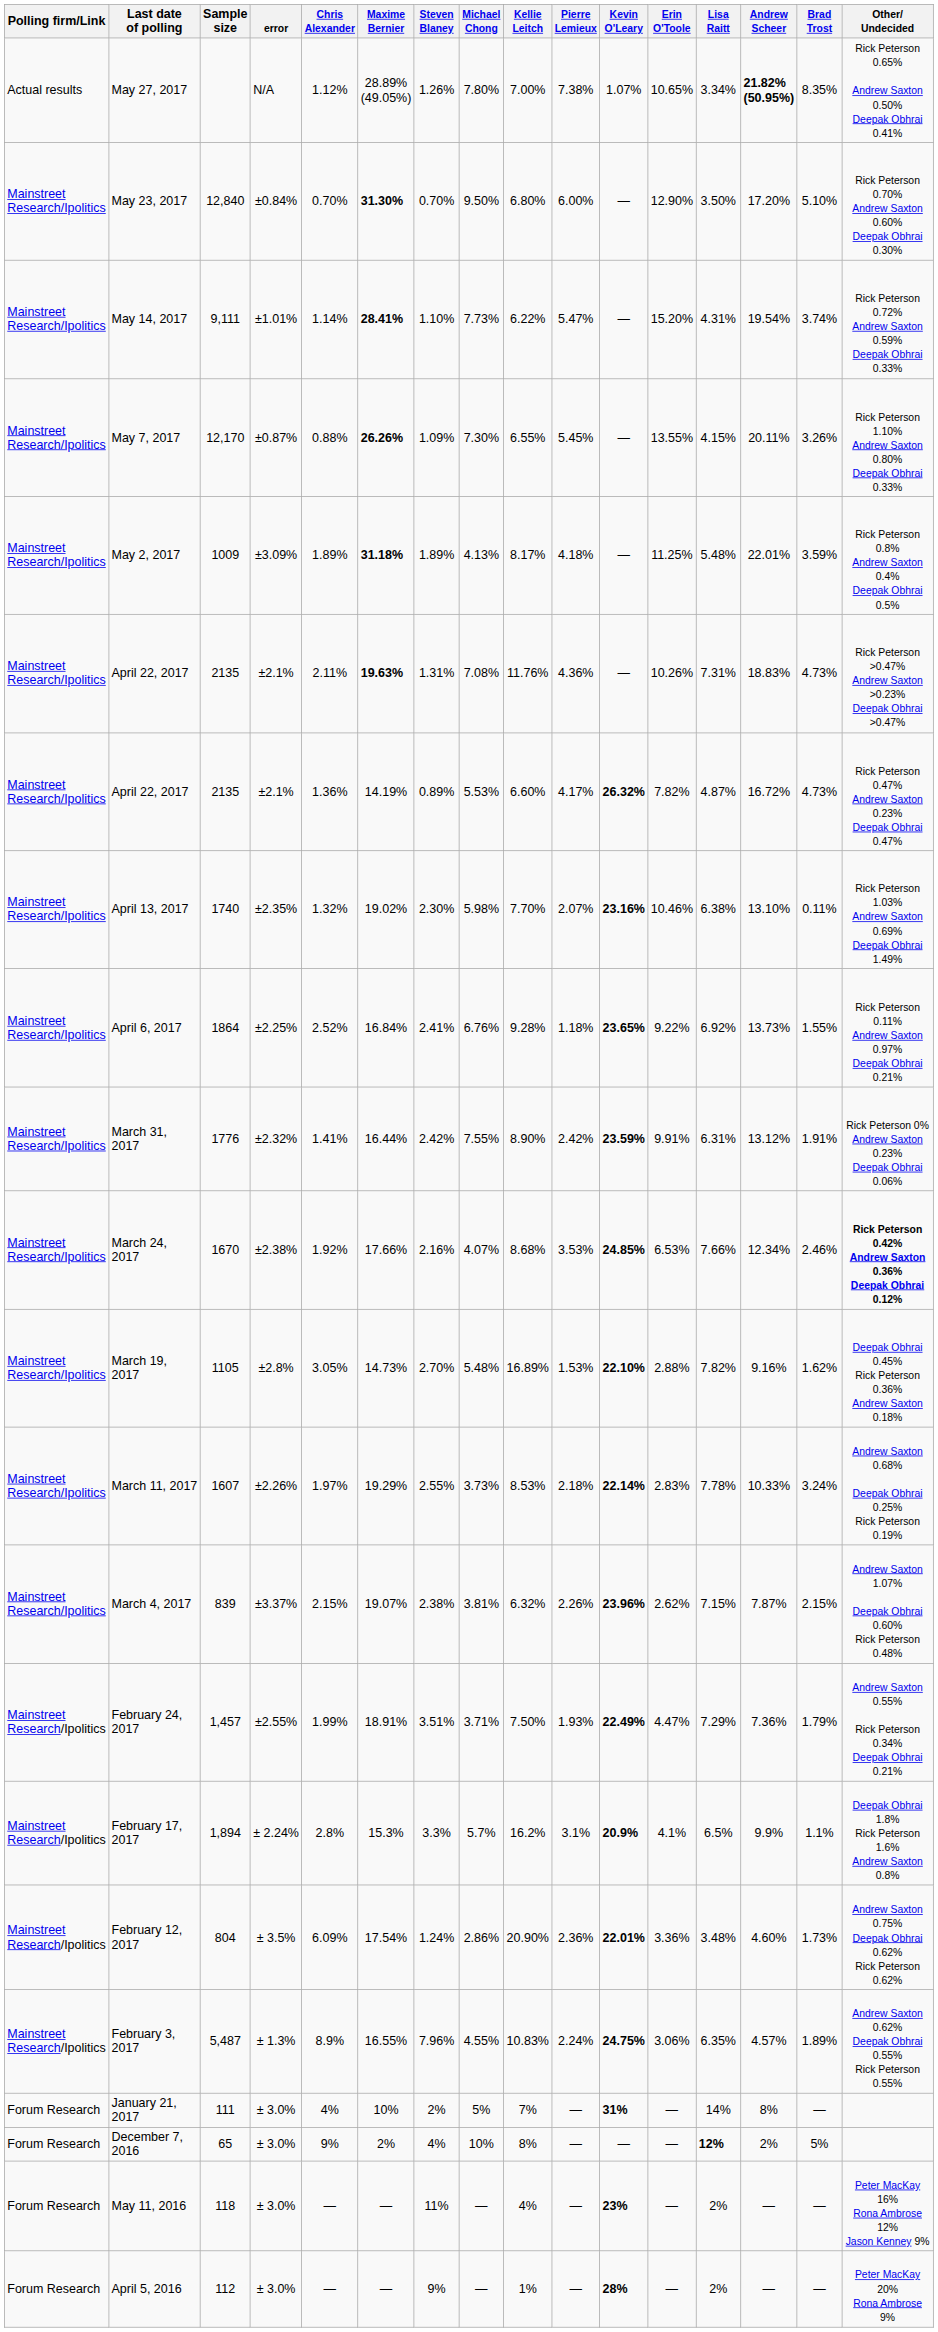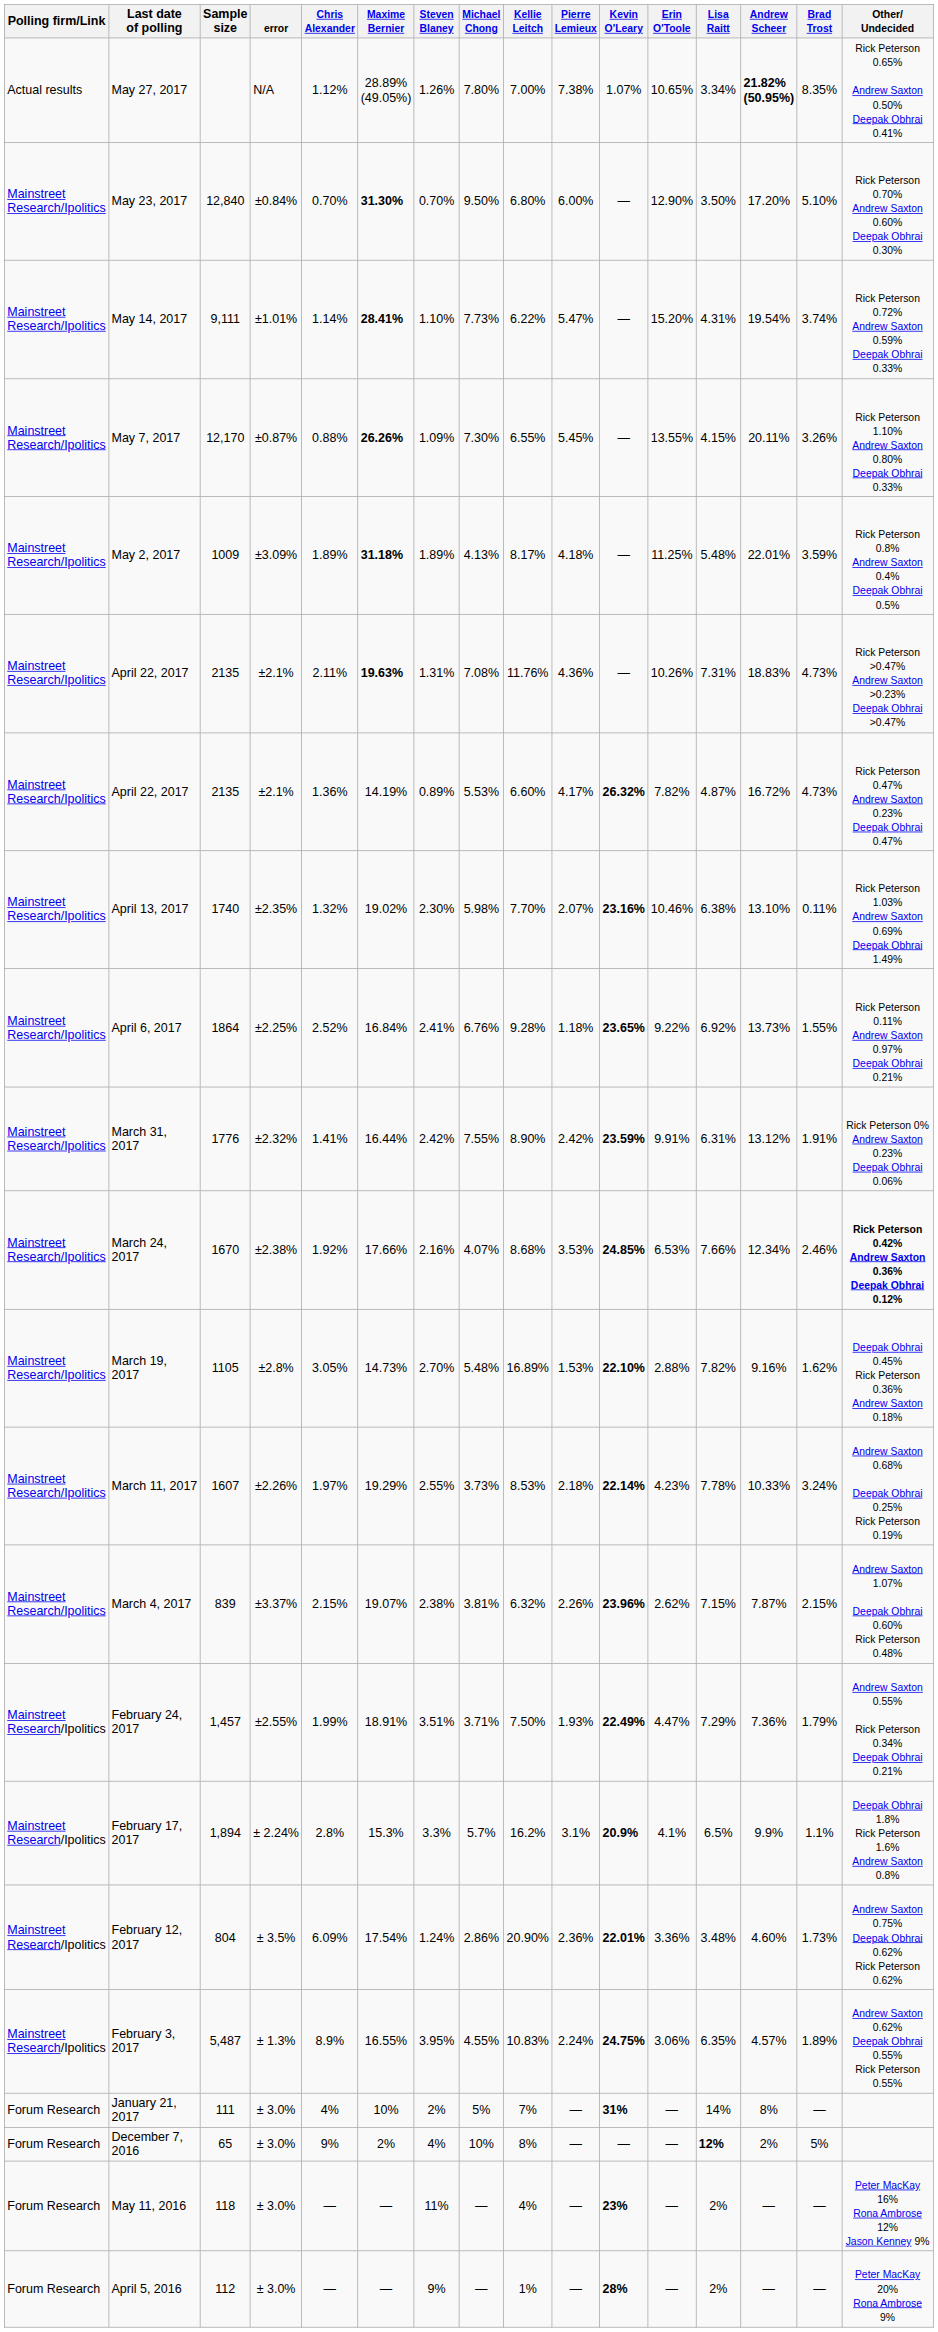 <table class="wikitable sortable">
 <tr>
 <th style="width:120px">Polling firm/Link</th>
 <th style="width:110px">Last date<br>of polling</th>
 <th class=small>Sample<br>size</th>
 <th><small><br>error</small></th>
 <th style="width:50px;"><small><a href='#'>Chris<br>Alexander</a></small></th>
 <th style="width:50px;"><small><a href='#'>Maxime<br>Bernier</a></small></th>
 <th style="width:50px;"><small><a href='#'>Steven<br>Blaney</a></small></th>
 <th style="width:50px;"><small><a href='#'>Michael<br>Chong</a></small></th>
 <th style="width:50px;"><small><a href='#'>Kellie<br>Leitch</a></small></th>
 <th style="width:50px;"><small><a href='#'>Pierre<br>Lemieux</a></small></th>
 <th style="width:50px;"><small><a href='#'>Kevin<br>O'Leary</a></small></th>
 <th style="width:50px;"><small><a href='#'>Erin<br>O'Toole</a></small></th>
 <th style="width:50px;"><small><a href='#'>Lisa<br>Raitt</a></small></th>
 <th style="width:50px;"><small><a href='#'>Andrew<br>Scheer</a></small></th>
 <th style="width:50px;"><small><a href='#'>Brad<br>Trost</a></small></th>
 <th style="width:110px;"><small>Other/<br>Undecided</small></th>
 </tr>
 <tr>
 <td>Actual results</td>
 <td>May 27, 2017</td>
 <td></td>
 <td>N/A</td>
 <td align=center>1.12%</td>
 <td align=center>28.89% (49.05%)</td>
 <td align=center>1.26%</td>
 <td align=center>7.80%</td>
 <td align=center>7.00%</td>
 <td align=center>7.38%</td>
 <td align=center>1.07%</td>
 <td align=center>10.65%</td>
 <td align=center>3.34%</td>
 <td><strong>21.82% (50.95%)</strong></td>
 <td align=center>8.35%</td>
 <td align=center><small>Rick Peterson 0.65%</small><br><br><small><a href='#'>Andrew Saxton</a> 0.50%</small><br> <small><a href='#'>Deepak Obhrai</a> 0.41%</small><br></td>
 </tr>
 <tr>
 <td><a href='#'>Mainstreet Research/Ipolitics</a></td>
 <td>May 23, 2017</td>
 <td align=center>12,840</td>
 <td align=center>±0.84%</td>
 <td align=center>0.70%</td>
 <td><strong>31.30%</strong></td>
 <td align=center>0.70%</td>
 <td align=center>9.50%</td>
 <td align=center>6.80%</td>
 <td align=center>6.00%</td>
 <td align=center>—</td>
 <td align=center>12.90%</td>
 <td align=center>3.50%</td>
 <td align=center>17.20%</td>
 <td align=center>5.10%</td>
 <td align=center><small><span></span></small><br><br><small>Rick Peterson 0.70%</small><br> <small><a href='#'>Andrew Saxton</a> 0.60%</small><br> <small><a href='#'>Deepak Obhrai</a> 0.30%</small><br></td>
 </tr>
 <tr>
 <td><a href='#'>Mainstreet Research/Ipolitics</a></td>
 <td>May 14, 2017</td>
 <td align=center>9,111</td>
 <td align=center>±1.01%</td>
 <td align=center>1.14%</td>
 <td><strong>28.41%</strong></td>
 <td align=center>1.10%</td>
 <td align=center>7.73%</td>
 <td align=center>6.22%</td>
 <td align=center>5.47%</td>
 <td align=center>—</td>
 <td align=center>15.20%</td>
 <td align=center>4.31%</td>
 <td align=center>19.54%</td>
 <td align=center>3.74%</td>
 <td align=center><small><span></span></small><br><br><small>Rick Peterson 0.72%</small><br> <small><a href='#'>Andrew Saxton</a> 0.59%</small><br> <small><a href='#'>Deepak Obhrai</a> 0.33%</small><br></td>
 </tr>
 <tr>
 <td><a href='#'>Mainstreet Research/Ipolitics</a></td>
 <td>May 7, 2017</td>
 <td align=center>12,170</td>
 <td align=center>±0.87%</td>
 <td align=center>0.88%</td>
 <td><strong>26.26%</strong></td>
 <td align=center>1.09%</td>
 <td align=center>7.30%</td>
 <td align=center>6.55%</td>
 <td align=center>5.45%</td>
 <td align=center>—</td>
 <td align=center>13.55%</td>
 <td align=center>4.15%</td>
 <td align=center>20.11%</td>
 <td align=center>3.26%</td>
 <td align=center><small><span></span></small><br><br><small>Rick Peterson 1.10%</small><br> <small><a href='#'>Andrew Saxton</a> 0.80%</small><br> <small><a href='#'>Deepak Obhrai</a> 0.33%</small><br></td>
 </tr>
 <tr>
 <td><a href='#'>Mainstreet Research/Ipolitics</a></td>
 <td>May 2, 2017</td>
 <td align=center>1009</td>
 <td align=center>±3.09%</td>
 <td align=center>1.89%</td>
 <td><strong>31.18%</strong></td>
 <td align=center>1.89%</td>
 <td align=center>4.13%</td>
 <td align=center>8.17%</td>
 <td align=center>4.18%</td>
 <td align=center>—</td>
 <td align=center>11.25%</td>
 <td align=center>5.48%</td>
 <td align=center>22.01%</td>
 <td align=center>3.59%</td>
 <td align=center><small><span></span></small><br><br><small>Rick Peterson 0.8%</small><br> <small><a href='#'>Andrew Saxton</a> 0.4%</small><br> <small><a href='#'>Deepak Obhrai</a> 0.5%</small><br></td>
 </tr>
 <tr>
 <td><a href='#'>Mainstreet Research/Ipolitics</a></td>
 <td>April 22, 2017</td>
 <td align=center>2135</td>
 <td align=center>±2.1%</td>
 <td align=center>2.11%</td>
 <td><strong>19.63%</strong></td>
 <td align=center>1.31%</td>
 <td align=center>7.08%</td>
 <td align=center>11.76%</td>
 <td align=center>4.36%</td>
 <td align=center>—</td>
 <td align=center>10.26%</td>
 <td align=center>7.31%</td>
 <td align=center>18.83%</td>
 <td align=center>4.73%</td>
 <td align=center><small><span></span></small><br><br><small>Rick Peterson >0.47%</small><br> <small><a href='#'>Andrew Saxton</a> >0.23%</small><br> <small><a href='#'>Deepak Obhrai</a> >0.47%</small><br></td>
 </tr>
 <tr>
 <td><a href='#'>Mainstreet Research/Ipolitics</a></td>
 <td>April 22, 2017</td>
 <td align=center>2135</td>
 <td align=center>±2.1%</td>
 <td align=center>1.36%</td>
 <td align=center>14.19%</td>
 <td align=center>0.89%</td>
 <td align=center>5.53%</td>
 <td align=center>6.60%</td>
 <td align=center>4.17%</td>
 <td><strong>26.32%</strong></td>
 <td align=center>7.82%</td>
 <td align=center>4.87%</td>
 <td align=center>16.72%</td>
 <td align=center>4.73%</td>
 <td align=center><small><span></span></small><br><br><small>Rick Peterson 0.47%</small><br> <small><a href='#'>Andrew Saxton</a> 0.23%</small><br> <small><a href='#'>Deepak Obhrai</a> 0.47%</small><br></td>
 </tr>
 <tr>
 <td><a href='#'>Mainstreet Research/Ipolitics</a></td>
 <td>April 13, 2017</td>
 <td align=center>1740</td>
 <td align=center>±2.35%</td>
 <td align=center>1.32%</td>
 <td align=center>19.02%</td>
 <td align=center>2.30%</td>
 <td align=center>5.98%</td>
 <td align=center>7.70%</td>
 <td align=center>2.07%</td>
 <td><strong>23.16%</strong></td>
 <td align=center>10.46%</td>
 <td align=center>6.38%</td>
 <td align=center>13.10%</td>
 <td align=center>0.11%</td>
 <td align=center><small><span></span></small><br><br><small>Rick Peterson 1.03%</small><br> <small><a href='#'>Andrew Saxton</a> 0.69%</small><br> <small><a href='#'>Deepak Obhrai</a> 1.49%</small><br></td>
 </tr>
 <tr>
 <td><a href='#'>Mainstreet Research/Ipolitics</a></td>
 <td>April 6, 2017</td>
 <td align=center>1864</td>
 <td align=center>±2.25%</td>
 <td align=center>2.52%</td>
 <td align=center>16.84%</td>
 <td align=center>2.41%</td>
 <td align=center>6.76%</td>
 <td align=center>9.28%</td>
 <td align=center>1.18%</td>
 <td><strong>23.65%</strong></td>
 <td align=center>9.22%</td>
 <td align=center>6.92%</td>
 <td align=center>13.73%</td>
 <td align=center>1.55%</td>
 <td align=center><small><span></span></small><br><br><small>Rick Peterson 0.11%</small><br> <small><a href='#'>Andrew Saxton</a> 0.97%</small><br> <small><a href='#'>Deepak Obhrai</a> 0.21%</small><br></td>
 </tr>
 <tr>
 <td><a href='#'>Mainstreet Research/Ipolitics</a></td>
 <td>March 31, 2017</td>
 <td align=center>1776</td>
 <td align=center>±2.32%</td>
 <td align=center>1.41%</td>
 <td align=center>16.44%</td>
 <td align=center>2.42%</td>
 <td align=center>7.55%</td>
 <td align=center>8.90%</td>
 <td align=center>2.42%</td>
 <td><strong>23.59%</strong></td>
 <td align=center>9.91%</td>
 <td align=center>6.31%</td>
 <td align=center>13.12%</td>
 <td align=center>1.91%</td>
 <td align=center><small><span></span></small><br><br><small>Rick Peterson 0%</small><br> <small><a href='#'>Andrew Saxton</a> 0.23%</small><br> <small><a href='#'>Deepak Obhrai</a> 0.06%</small><br></td>
 </tr>
 <tr>
 <td><a href='#'>Mainstreet Research/Ipolitics</a></td>
 <td>March 24, 2017</td>
 <td align=center>1670</td>
 <td align=center>±2.38%</td>
 <td align=center>1.92%</td>
 <td align=center>17.66%</td>
 <td align=center>2.16%</td>
 <td align=center>4.07%</td>
 <td align=center>8.68%</td>
 <td align=center>3.53%</td>
 <td><strong>24.85%</strong></td>
 <td align=center>6.53%</td>
 <td align=center>7.66%</td>
 <td align=center>12.34%</td>
 <td align=center>2.46%</td>
 <td align=center><strong><small><span></span></small><br><br><small>Rick Peterson 0.42%</small><br> <small><a href='#'>Andrew Saxton</a> 0.36%</small><br> <small><a href='#'>Deepak Obhrai</a> 0.12%</small><br></strong></td>
 </tr>
 <tr>
 <td><a href='#'>Mainstreet Research/Ipolitics</a></td>
 <td>March 19, 2017</td>
 <td align=center>1105</td>
 <td align=center>±2.8%</td>
 <td align=center>3.05%</td>
 <td align=center>14.73%</td>
 <td align=center>2.70%</td>
 <td align=center>5.48%</td>
 <td align=center>16.89%</td>
 <td align=center>1.53%</td>
 <td><strong>22.10%</strong></td>
 <td align=center>2.88%</td>
 <td align=center>7.82%</td>
 <td align=center>9.16%</td>
 <td align=center>1.62%</td>
 <td align=center><small><span></span></small><br><br><small><a href='#'>Deepak Obhrai</a> 0.45%</small><br> <small>Rick Peterson 0.36%</small><br> <small><a href='#'>Andrew Saxton</a> 0.18%</small><br></td>
 </tr>
 <tr>
 <td><a href='#'>Mainstreet Research/Ipolitics</a></td>
 <td>March 11, 2017</td>
 <td align=center>1607</td>
 <td align=center>±2.26%</td>
 <td align=center>1.97%</td>
 <td align=center>19.29%</td>
 <td align=center>2.55%</td>
 <td align=center>3.73%</td>
 <td align=center>8.53%</td>
 <td align=center>2.18%</td>
 <td><strong>22.14%</strong></td>
-<td align=center>2.83%</td>
+<td align=center>4.23%</td>
 <td align=center>7.78%</td>
 <td align=center>10.33%</td>
 <td align=center>3.24%</td>
 <td align=center><small><span></span></small><br><small><a href='#'>Andrew Saxton</a> 0.68%</small><br><br><small><a href='#'>Deepak Obhrai</a> 0.25%</small><br> <small>Rick Peterson 0.19%</small></td>
 </tr>
 <tr>
 <td><a href='#'>Mainstreet Research/Ipolitics</a></td>
 <td>March 4, 2017</td>
 <td align=center>839</td>
 <td align=center>±3.37%</td>
 <td align=center>2.15%</td>
 <td align=center>19.07%</td>
 <td align=center>2.38%</td>
 <td align=center>3.81%</td>
 <td align=center>6.32%</td>
 <td align=center>2.26%</td>
 <td><strong>23.96%</strong></td>
 <td align=center>2.62%</td>
 <td align=center>7.15%</td>
 <td align=center>7.87%</td>
 <td align=center>2.15%</td>
 <td align=center><small><span></span></small><br><small><a href='#'>Andrew Saxton</a> 1.07%</small><br><br><small><a href='#'>Deepak Obhrai</a> 0.60%</small><br> <small>Rick Peterson 0.48%</small></td>
 </tr>
 <tr>
 <td> <a href='#'>Mainstreet Research</a>/Ipolitics</td>
 <td>February 24, 2017</td>
 <td align=center>1,457</td>
 <td align=center>±2.55%</td>
 <td align=center>1.99%</td>
 <td align=center>18.91%</td>
 <td align=center>3.51%</td>
 <td align=center>3.71%</td>
 <td align=center>7.50%</td>
 <td align=center>1.93%</td>
 <td><strong>22.49%</strong></td>
 <td align=center>4.47%</td>
 <td align=center>7.29%</td>
 <td align=center>7.36%</td>
 <td align=center>1.79%</td>
 <td align=center><small><span></span></small><br><small><a href='#'>Andrew Saxton</a> 0.55%</small><br><br><small>Rick Peterson 0.34%</small><br><small><a href='#'>Deepak Obhrai</a>    0.21%</small></td>
 </tr>
 <tr>
 <td> <a href='#'>Mainstreet Research</a>/Ipolitics</td>
 <td>February 17, 2017</td>
 <td align=center>1,894</td>
 <td align=center>± 2.24%</td>
 <td align=center>2.8%</td>
 <td align=center>15.3%</td>
 <td align=center>3.3%</td>
 <td align=center>5.7%</td>
 <td align=center>16.2%</td>
 <td align=center>3.1%</td>
 <td><strong>20.9%</strong></td>
 <td align=center>4.1%</td>
 <td align=center>6.5%</td>
 <td align=center>9.9%</td>
 <td align=center>1.1%</td>
 <td align=center><small><span></span><br><a href='#'>Deepak Obhrai</a> 1.8%<br>Rick Peterson 1.6% <br><a href='#'>Andrew Saxton</a> 0.8%</small></td>
 </tr>
 <tr>
 <td> <a href='#'>Mainstreet Research</a>/Ipolitics</td>
 <td>February 12, 2017</td>
 <td align=center>804</td>
 <td align=center>± 3.5%</td>
 <td align=center>6.09%</td>
 <td align=center>17.54%</td>
 <td align=center>1.24%</td>
 <td align=center>2.86%</td>
 <td align=center>20.90%</td>
 <td align=center>2.36%</td>
 <td><strong>22.01%</strong></td>
 <td align=center>3.36%</td>
 <td align=center>3.48%</td>
 <td align=center>4.60%</td>
 <td align=center>1.73%</td>
 <td align=center><small><span></span><br><a href='#'>Andrew Saxton</a> 0.75%<br><a href='#'>Deepak Obhrai</a> 0.62%<br>Rick Peterson 0.62% </small></td>
 </tr>
 <tr>
 <td> <a href='#'>Mainstreet Research</a>/Ipolitics</td>
 <td>February 3, 2017</td>
 <td align=center>5,487</td>
 <td align=center>± 1.3%</td>
 <td align=center>8.9%</td>
 <td align=center>16.55%</td>
-<td align=center>7.96%</td>
+<td align=center>3.95%</td>
 <td align=center>4.55%</td>
 <td align=center>10.83%</td>
 <td align=center>2.24%</td>
 <td><strong>24.75%</strong></td>
 <td align=center>3.06%</td>
 <td align=center>6.35%</td>
 <td align=center>4.57%</td>
 <td align=center>1.89%</td>
 <td align=center><small><span></span><br><a href='#'>Andrew Saxton</a> 0.62%<br><a href='#'>Deepak Obhrai</a> 0.55%<br>Rick Peterson 0.55% </small></td>
 </tr>
 <tr>
 <td> Forum Research</td>
 <td>January 21, 2017</td>
 <td align=center>111</td>
 <td align=center>± 3.0%</td>
 <td align=center>4%</td>
 <td align=center>10%</td>
 <td align=center>2%</td>
 <td align=center>5%</td>
 <td align=center>7%</td>
 <td align=center>—</td>
 <td><strong>31%</strong></td>
 <td align=center>—</td>
 <td align=center>14%</td>
 <td align=center>8%</td>
 <td align=center>—</td>
 <td align=center><small><span></span></small></td>
 </tr>
 <tr>
 <td> Forum Research</td>
 <td>December 7, 2016</td>
 <td align=center>65</td>
 <td align=center>± 3.0%</td>
 <td align=center>9%</td>
 <td align=center>2%</td>
 <td align=center>4%</td>
 <td align=center>10%</td>
 <td style="text-align:center;">8%</td>
 <td align=center>—</td>
 <td align=center>—</td>
 <td align=center>—</td>
 <td><strong>12%</strong></td>
 <td align=center>2%</td>
 <td align=center>5%</td>
 <td align=center><small><span></span></small></td>
 </tr>
 <tr>
 <td> Forum Research</td>
 <td>May 11, 2016</td>
 <td align=center>118</td>
 <td align=center>± 3.0%</td>
 <td align=center>—</td>
 <td align=center>—</td>
 <td align=center>11%</td>
 <td align=center>—</td>
 <td align=center>4%</td>
 <td align=center>—</td>
 <td><strong>23%</strong></td>
 <td align=center>—</td>
 <td align=center>2%</td>
 <td align=center>—</td>
 <td align=center>—</td>
 <td align=center><small><span></span><br><a href='#'>Peter MacKay</a> 16%<br><a href='#'>Rona Ambrose</a> 12%<br><a href='#'>Jason Kenney</a> 9%</small></td>
 </tr>
 <tr>
 <td> Forum Research</td>
 <td>April 5, 2016</td>
 <td align=center>112</td>
 <td align=center>± 3.0%</td>
 <td align=center>—</td>
 <td align=center>—</td>
 <td align=center>9%</td>
 <td align=center>—</td>
 <td align=center>1%</td>
 <td align=center>—</td>
 <td><strong>28%</strong></td>
 <td align=center>—</td>
 <td align=center>2%</td>
 <td align=center>—</td>
 <td align=center>—</td>
 <td align=center><small><span></span><br><a href='#'>Peter MacKay</a> 20%<br><a href='#'>Rona Ambrose</a> 9%<br></small></td>
 </tr>
 </table>
